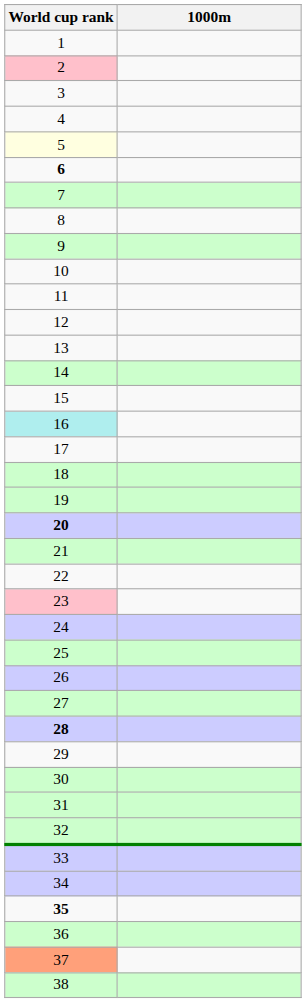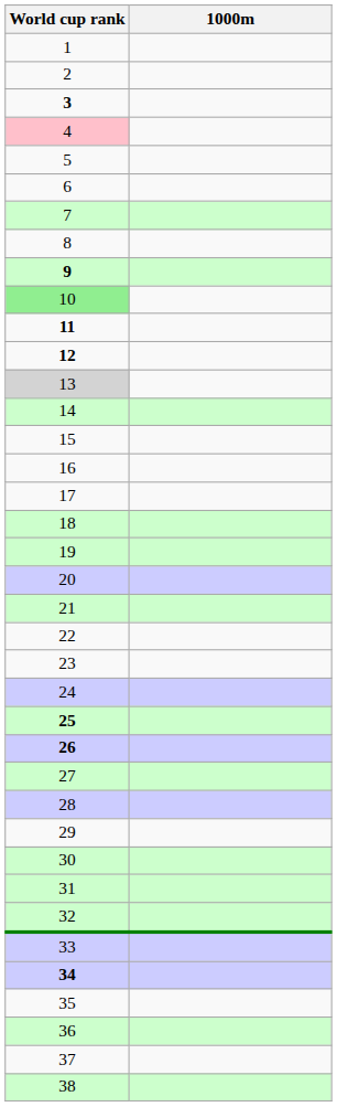 <table class="wikitable sortable" style="font-size:90%; text-align:center;margin: 1em auto 1em auto ">
 <tr>
 <th>World cup rank</th>
 <th width=165>1000m</th>
 </tr>
 <tr>
 <td>1</td>
 <td align=left></td>
 </tr>
 <tr>
-<td style="background: pink;">2</td>
+<td>2</td>
 <td align=left></td>
 </tr>
 <tr>
-<td>3</td>
+<td><strong>3</strong></td>
 <td align=left></td>
 </tr>
 <tr>
-<td>4</td>
+<td style="background: pink;">4</td>
 <td align=left></td>
 </tr>
 <tr>
-<td style="background: lightyellow;">5</td>
+<td>5</td>
 <td align=left></td>
 </tr>
 <tr>
-<td><strong>6</strong></td>
+<td>6</td>
 <td align=left></td>
 </tr>
 <tr style="background: #ccffcc;">
 <td>7</td>
 <td align=left></td>
 </tr>
 <tr>
 <td>8</td>
 <td align=left></td>
 </tr>
 <tr style="background: #ccffcc;">
-<td>9</td>
+<td><strong>9</strong></td>
 <td align=left></td>
 </tr>
 <tr>
-<td>10</td>
+<td style="background: lightgreen;">10</td>
 <td align=left></td>
 </tr>
 <tr>
-<td>11</td>
+<td><strong>11</strong></td>
 <td align=left></td>
 </tr>
 <tr>
-<td>12</td>
+<td><strong>12</strong></td>
 <td align=left></td>
 </tr>
 <tr>
-<td>13</td>
+<td style="background: lightgrey;">13</td>
 <td align=left></td>
 </tr>
 <tr style="background: #ccffcc;">
 <td>14</td>
 <td align=left></td>
 </tr>
 <tr>
 <td>15</td>
 <td align=left></td>
 </tr>
 <tr>
-<td style="background: paleturquoise;">16</td>
+<td>16</td>
 <td align=left></td>
 </tr>
 <tr>
 <td>17</td>
 <td align=left></td>
 </tr>
 <tr style="background: #ccffcc;">
 <td>18</td>
 <td align=left></td>
 </tr>
 <tr style="background: #ccffcc;">
 <td>19</td>
 <td align=left></td>
 </tr>
 <tr style="background: #ccccff;">
-<td><strong>20</strong></td>
+<td>20</td>
 <td align=left></td>
 </tr>
 <tr style="background: #ccffcc;">
 <td>21</td>
 <td align=left></td>
 </tr>
 <tr>
 <td>22</td>
 <td align=left></td>
 </tr>
 <tr>
-<td style="background: pink;">23</td>
+<td>23</td>
 <td align=left></td>
 </tr>
 <tr style="background: #ccccff;">
 <td>24</td>
 <td align=left></td>
 </tr>
 <tr style="background: #ccffcc;">
-<td>25</td>
+<td><strong>25</strong></td>
 <td align=left></td>
 </tr>
 <tr style="background: #ccccff;">
-<td>26</td>
+<td><strong>26</strong></td>
 <td align=left></td>
 </tr>
 <tr style="background: #ccffcc;">
 <td>27</td>
 <td align=left></td>
 </tr>
 <tr style="background: #ccccff;">
-<td><strong>28</strong></td>
+<td>28</td>
 <td align=left></td>
 </tr>
 <tr>
 <td>29</td>
 <td align=left></td>
 </tr>
 <tr style="background: #ccffcc;">
 <td>30</td>
 <td align=left></td>
 </tr>
 <tr style="background: #ccffcc;">
 <td>31</td>
 <td align=left></td>
 </tr>
 <tr style="background: #ccffcc; border-bottom:3px solid green;">
 <td>32</td>
 <td align=left></td>
 </tr>
 <tr style="background: #ccccff;">
 <td>33</td>
 <td align=left></td>
 </tr>
 <tr style="background: #ccccff;">
-<td>34</td>
+<td><strong>34</strong></td>
 <td align=left></td>
 </tr>
 <tr>
-<td><strong>35</strong></td>
+<td>35</td>
 <td align=left></td>
 </tr>
 <tr style="background: #ccffcc;">
 <td>36</td>
 <td align=left></td>
 </tr>
 <tr>
-<td style="background: lightsalmon;">37</td>
+<td>37</td>
 <td align=left></td>
 </tr>
 <tr style="background: #ccffcc;">
 <td>38</td>
 <td align=left></td>
 </tr>
 </table>
